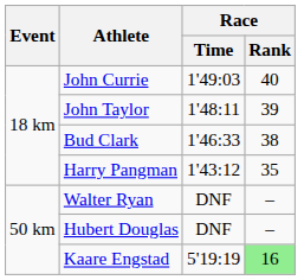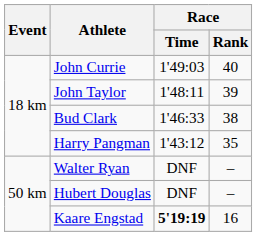 <table class="wikitable" border="1" style="font-size:90%">
 <tr>
 <th rowspan=2>Event</th>
 <th rowspan=2>Athlete</th>
 <th colspan=2>Race</th>
 </tr>
 <tr>
 <th>Time</th>
 <th>Rank</th>
 </tr>
 <tr>
 <td rowspan=4>18 km</td>
 <td><a href='#'>John Currie</a></td>
 <td align=center>1'49:03</td>
 <td align=center>40</td>
 </tr>
 <tr>
 <td><a href='#'>John Taylor</a></td>
 <td align=center>1'48:11</td>
 <td align=center>39</td>
 </tr>
 <tr>
 <td><a href='#'>Bud Clark</a></td>
 <td align=center>1'46:33</td>
 <td align=center>38</td>
 </tr>
 <tr>
 <td><a href='#'>Harry Pangman</a></td>
 <td align=center>1'43:12</td>
 <td align=center>35</td>
 </tr>
 <tr>
 <td rowspan=3>50 km</td>
 <td><a href='#'>Walter Ryan</a></td>
 <td align=center>DNF</td>
 <td align=center>–</td>
 </tr>
 <tr>
 <td><a href='#'>Hubert Douglas</a></td>
 <td align=center>DNF</td>
 <td align=center>–</td>
 </tr>
 <tr>
 <td><a href='#'>Kaare Engstad</a></td>
-<td align=center>5'19:19</td>
-<td align=center style="background: lightgreen;">16</td>
+<td align=center><strong>5'19:19</strong></td>
+<td align=center>16</td>
 </tr>
 </table>
